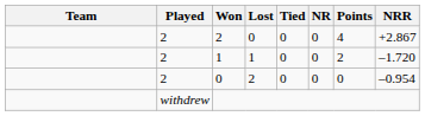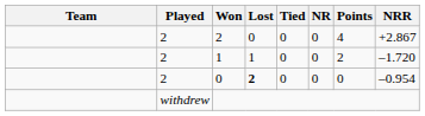 <table class="wikitable">
 <tr>
 <th width=175>Team</th>
 <th>Played</th>
 <th>Won</th>
 <th>Lost</th>
 <th>Tied</th>
 <th>NR</th>
 <th>Points</th>
 <th>NRR</th>
 </tr>
 <tr>
 <td></td>
 <td>2</td>
 <td>2</td>
 <td>0</td>
 <td>0</td>
 <td>0</td>
 <td>4</td>
 <td>+2.867</td>
 </tr>
 <tr>
 <td></td>
 <td>2</td>
 <td>1</td>
 <td>1</td>
 <td>0</td>
 <td>0</td>
 <td>2</td>
 <td>–1.720</td>
 </tr>
 <tr>
 <td></td>
 <td>2</td>
 <td>0</td>
-<td>2</td>
+<td><strong>2</strong></td>
 <td>0</td>
 <td>0</td>
 <td>0</td>
 <td>–0.954</td>
 </tr>
 <tr>
 <td></td>
 <td><em>withdrew</em></td>
 </tr>
 </table>
